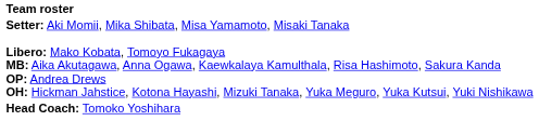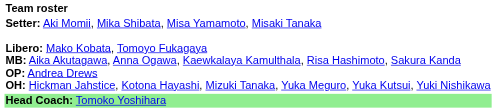 <table style="text-align: left; margin-top: 2em; margin-left: auto; margin-right: auto">
 <tr>
 <td><strong>Team roster</strong></td>
 </tr>
 <tr>
 <td><strong>Setter:</strong> <a href='#'>Aki Momii</a>, <a href='#'>Mika Shibata</a>, <a href='#'>Misa Yamamoto</a>, <a href='#'>Misaki Tanaka</a><br><br><strong>Libero:</strong> <a href='#'>Mako Kobata</a>, <a href='#'>Tomoyo Fukagaya</a><br> <strong>MB:</strong> <a href='#'>Aika Akutagawa</a>, <a href='#'>Anna Ogawa</a>, <a href='#'>Kaewkalaya Kamulthala</a>, <a href='#'>Risa Hashimoto</a>, <a href='#'>Sakura Kanda</a><br> <strong>OP:</strong> <a href='#'>Andrea Drews</a><br> <strong>OH:</strong> <a href='#'>Hickman Jahstice</a>, <a href='#'>Kotona Hayashi</a>, <a href='#'>Mizuki Tanaka</a>, <a href='#'>Yuka Meguro</a>, <a href='#'>Yuka Kutsui</a>, <a href='#'>Yuki Nishikawa</a></td>
 </tr>
 <tr>
-<td><strong>Head Coach:</strong> <a href='#'>Tomoko Yoshihara</a></td>
+<td style="background: lightgreen;"><strong>Head Coach:</strong> <a href='#'>Tomoko Yoshihara</a></td>
 </tr>
 <tr>
 <td></td>
 </tr>
 </table>
